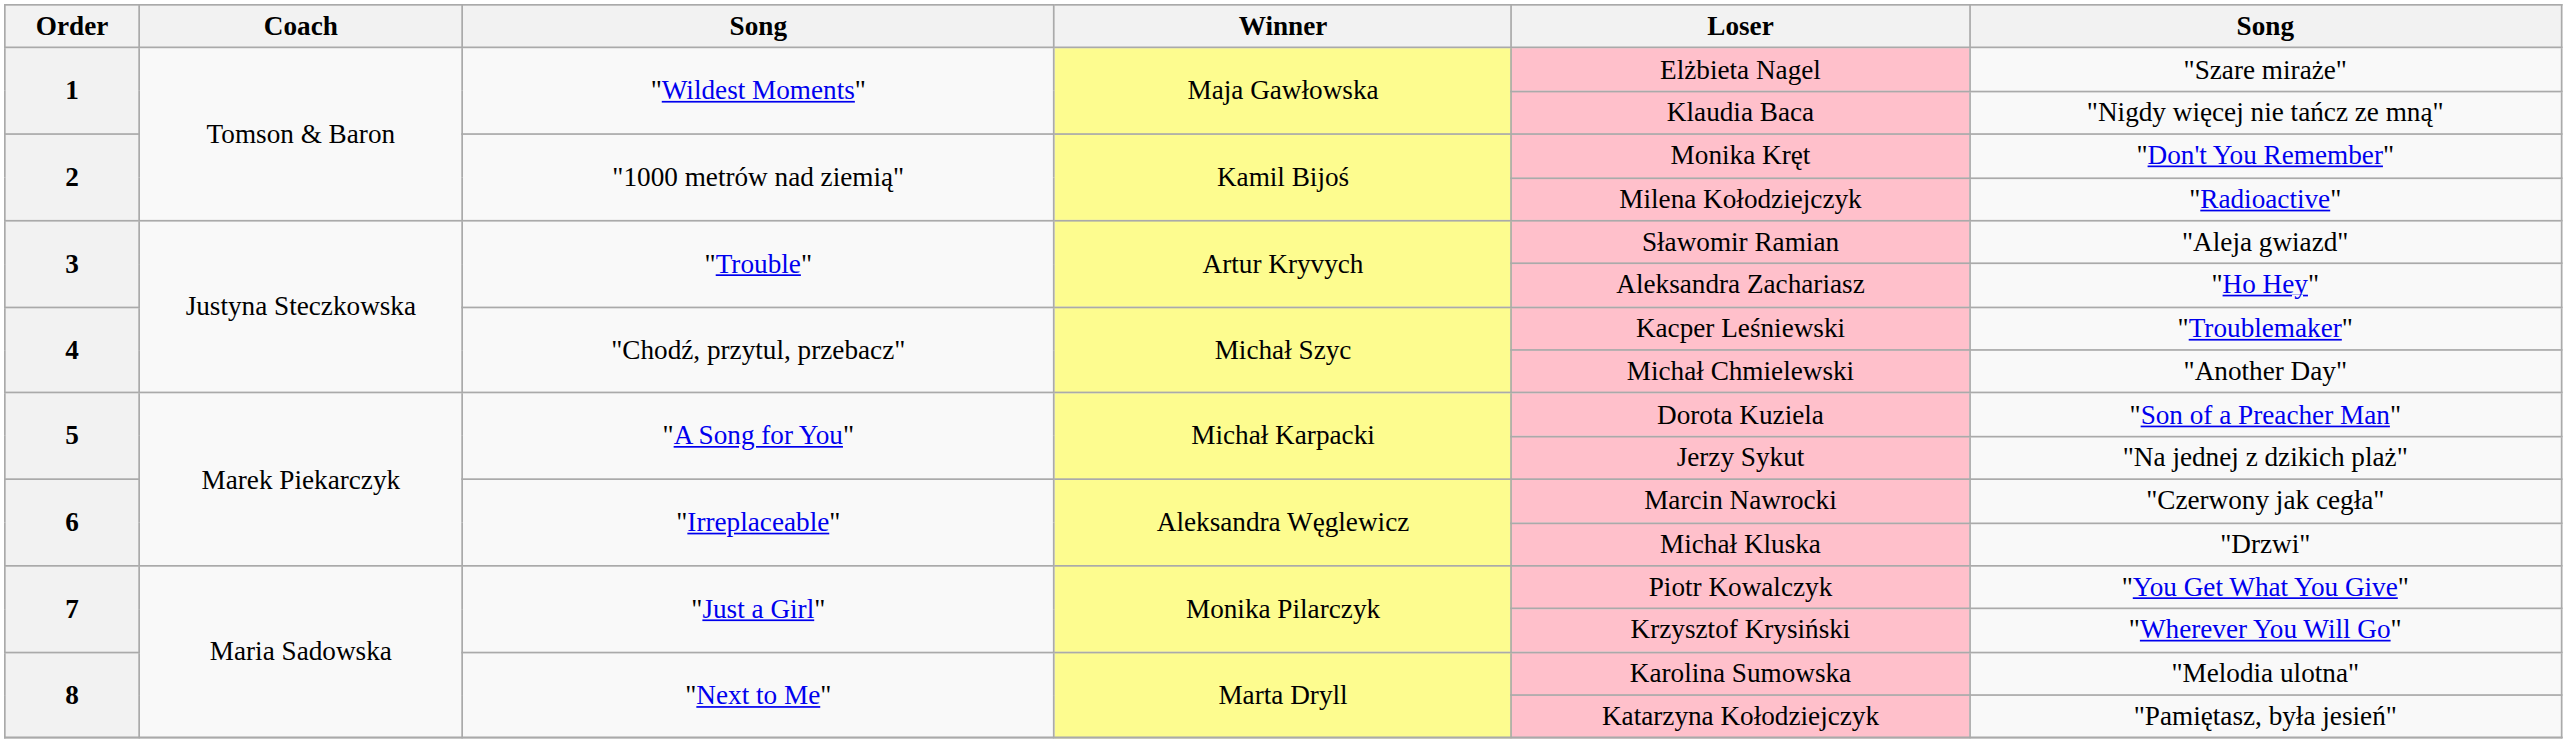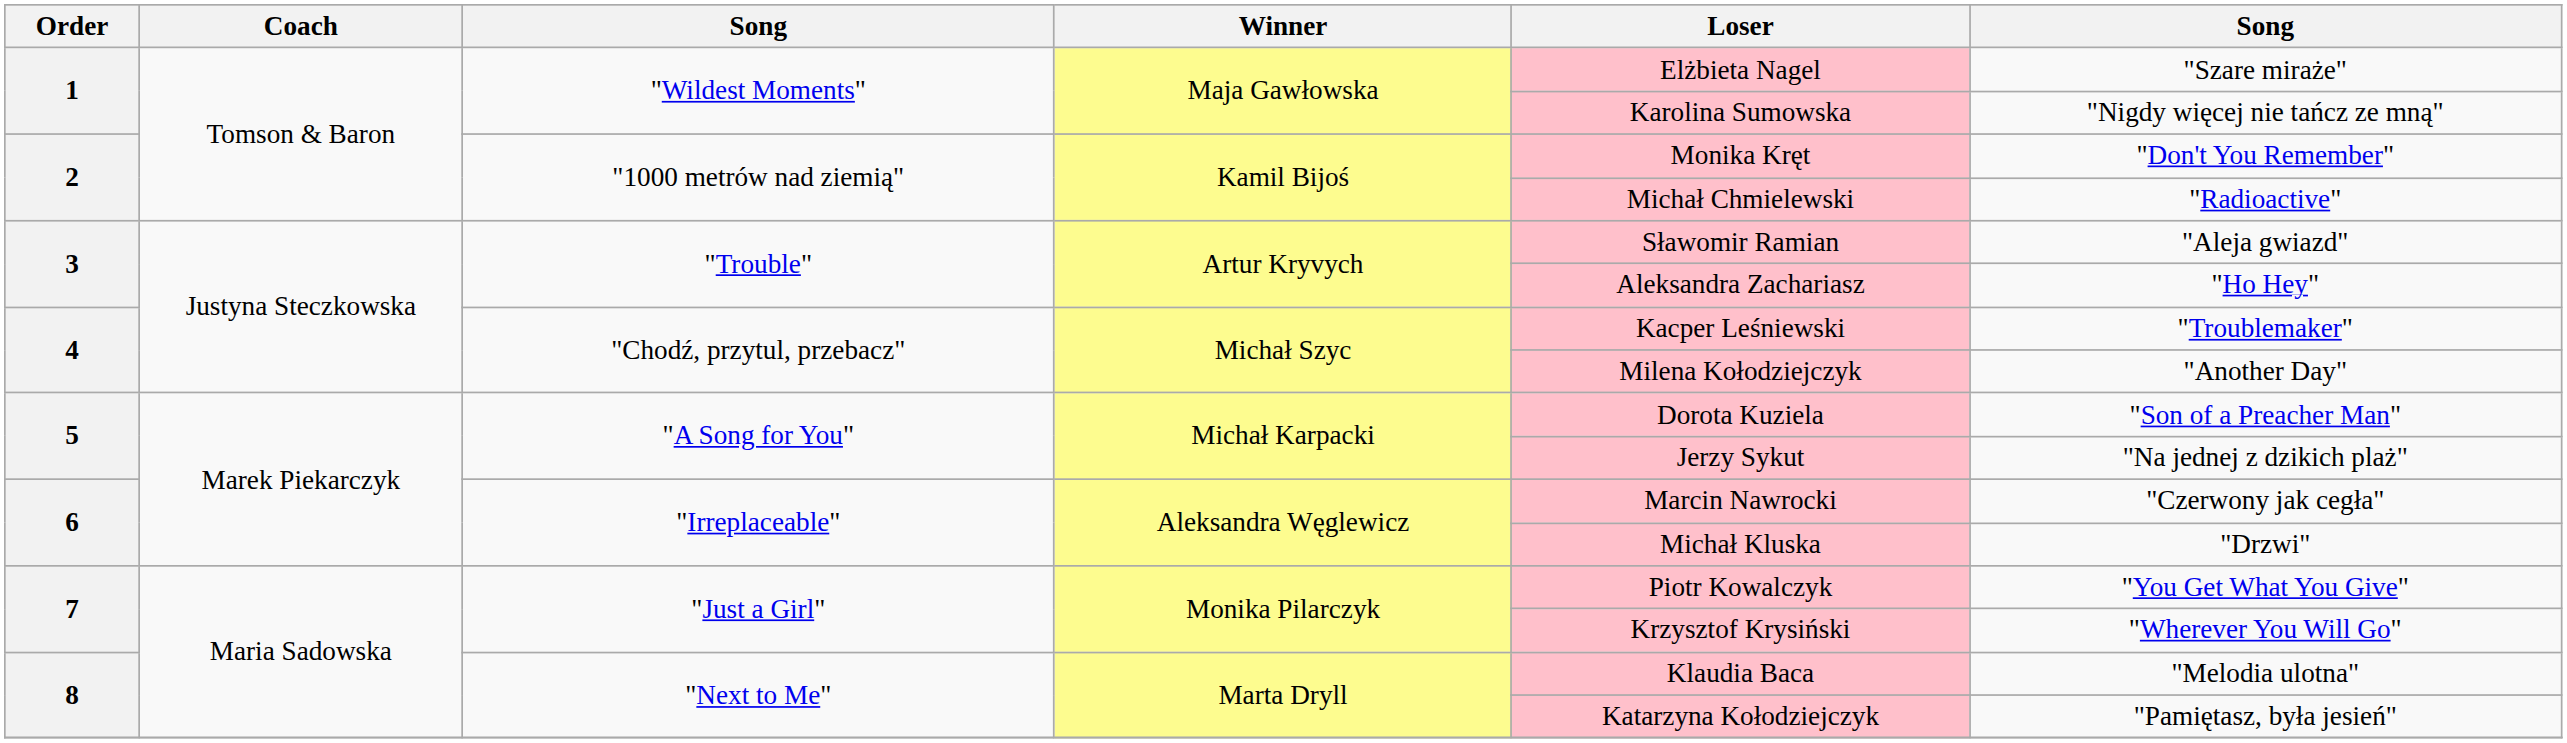 <table class="wikitable" style="text-align: center; width:95%;">
 <tr>
 <th width="5%">Order</th>
 <th width="12%">Coach</th>
 <th width="22%">Song</th>
 <th width="17%">Winner</th>
 <th width="17%">Loser</th>
 <th width="22%">Song</th>
 </tr>
 <tr>
 <th rowspan="2">1</th>
 <td rowspan="4">Tomson & Baron</td>
 <td rowspan="2">"<a href='#'>Wildest Moments</a>"</td>
 <td rowspan="2" style="background:#fdfc8f;">Maja Gawłowska</td>
 <td style="background:pink;">Elżbieta Nagel</td>
 <td>"Szare miraże"</td>
 </tr>
 <tr>
-<td style="background:pink;">Klaudia Baca</td>
+<td style="background:pink;">Karolina Sumowska</td>
 <td>"Nigdy więcej nie tańcz ze mną"</td>
 </tr>
 <tr>
 <th rowspan="2">2</th>
 <td rowspan="2">"1000 metrów nad ziemią"</td>
 <td rowspan="2" style="background:#fdfc8f;">Kamil Bijoś</td>
 <td style="background:pink;">Monika Kręt</td>
 <td>"<a href='#'>Don't You Remember</a>"</td>
 </tr>
 <tr>
-<td style="background:pink;">Milena Kołodziejczyk</td>
+<td style="background:pink;">Michał Chmielewski</td>
 <td>"<a href='#'>Radioactive</a>"</td>
 </tr>
 <tr>
 <th rowspan="2">3</th>
 <td rowspan="4">Justyna Steczkowska</td>
 <td rowspan="2">"<a href='#'>Trouble</a>"</td>
 <td rowspan="2" style="background:#fdfc8f;">Artur Kryvych</td>
 <td style="background:pink;">Sławomir Ramian</td>
 <td>"Aleja gwiazd"</td>
 </tr>
 <tr>
 <td style="background:pink;">Aleksandra Zachariasz</td>
 <td>"<a href='#'>Ho Hey</a>"</td>
 </tr>
 <tr>
 <th rowspan="2">4</th>
 <td rowspan="2">"Chodź, przytul, przebacz"</td>
 <td rowspan="2" style="background:#fdfc8f;">Michał Szyc</td>
 <td style="background:pink;">Kacper Leśniewski</td>
 <td>"<a href='#'>Troublemaker</a>"</td>
 </tr>
 <tr>
-<td style="background:pink;">Michał Chmielewski</td>
+<td style="background:pink;">Milena Kołodziejczyk</td>
 <td>"Another Day"</td>
 </tr>
 <tr>
 <th rowspan="2">5</th>
 <td rowspan="4">Marek Piekarczyk</td>
 <td rowspan="2">"<a href='#'>A Song for You</a>"</td>
 <td rowspan="2" style="background:#fdfc8f;">Michał Karpacki</td>
 <td style="background:pink;">Dorota Kuziela</td>
 <td>"<a href='#'>Son of a Preacher Man</a>"</td>
 </tr>
 <tr>
 <td style="background:pink;">Jerzy Sykut</td>
 <td>"Na jednej z dzikich plaż"</td>
 </tr>
 <tr>
 <th rowspan="2">6</th>
 <td rowspan="2">"<a href='#'>Irreplaceable</a>"</td>
 <td rowspan="2" style="background:#fdfc8f;">Aleksandra Węglewicz</td>
 <td style="background:pink;">Marcin Nawrocki</td>
 <td>"Czerwony jak cegła"</td>
 </tr>
 <tr>
 <td style="background:pink;">Michał Kluska</td>
 <td>"Drzwi"</td>
 </tr>
 <tr>
 <th rowspan="2">7</th>
 <td rowspan="4">Maria Sadowska</td>
 <td rowspan="2">"<a href='#'>Just a Girl</a>"</td>
 <td rowspan="2" style="background:#fdfc8f;">Monika Pilarczyk</td>
 <td style="background:pink;">Piotr Kowalczyk</td>
 <td>"<a href='#'>You Get What You Give</a>"</td>
 </tr>
 <tr>
 <td style="background:pink;">Krzysztof Krysiński</td>
 <td>"<a href='#'>Wherever You Will Go</a>"</td>
 </tr>
 <tr>
 <th rowspan="2">8</th>
 <td rowspan="2">"<a href='#'>Next to Me</a>"</td>
 <td rowspan="2" style="background:#fdfc8f;">Marta Dryll</td>
-<td style="background:pink;">Karolina Sumowska</td>
+<td style="background:pink;">Klaudia Baca</td>
 <td>"Melodia ulotna"</td>
 </tr>
 <tr>
 <td style="background:pink;">Katarzyna Kołodziejczyk</td>
 <td>"Pamiętasz, była jesień"</td>
 </tr>
 <tr>
 </tr>
 </table>
